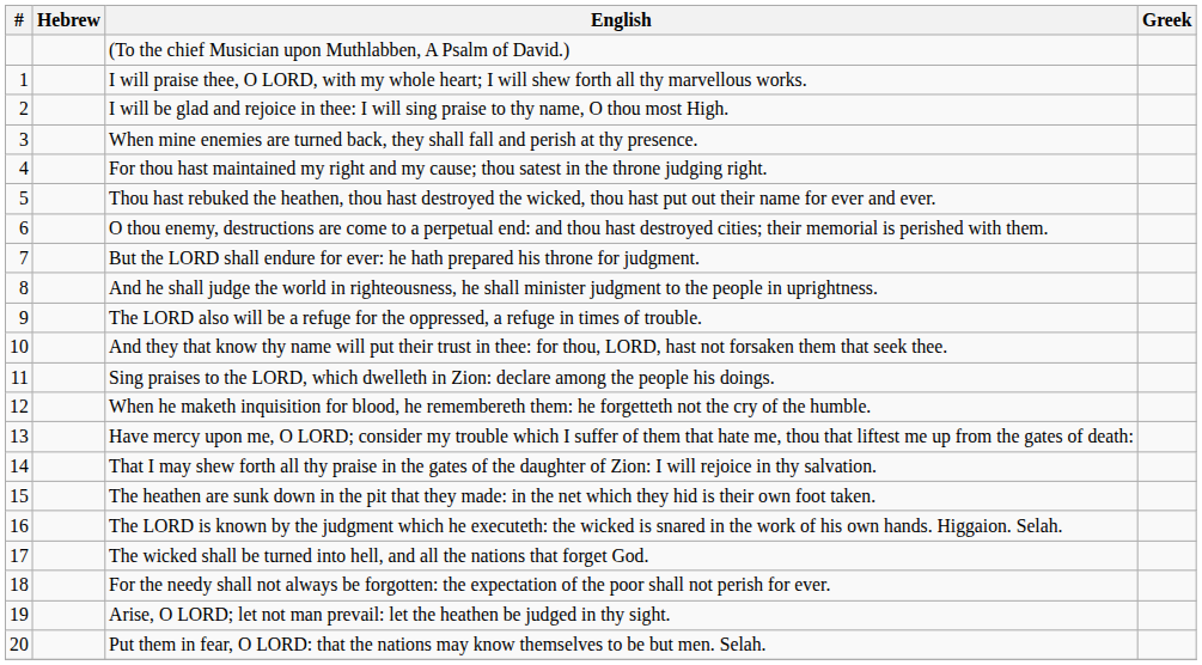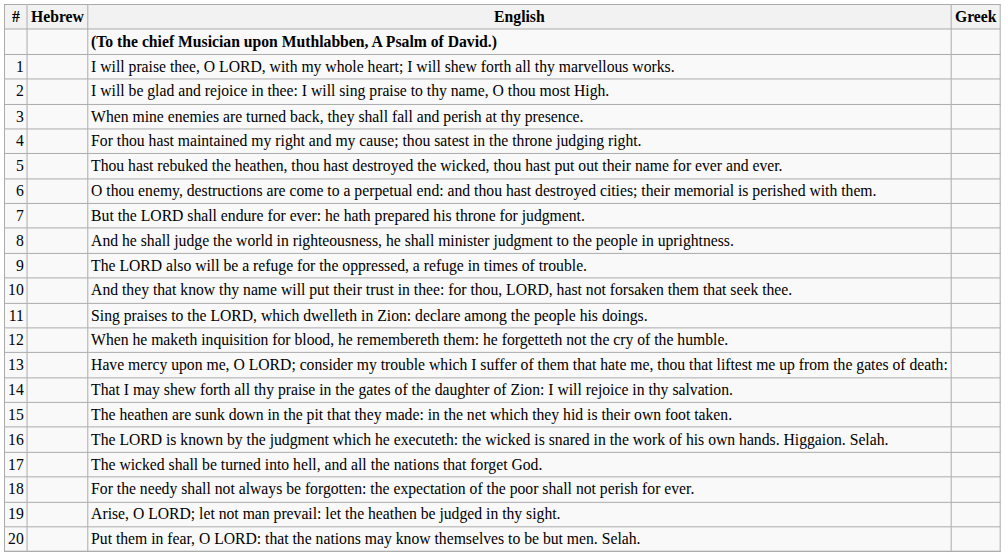 <table class=wikitable>
 <tr>
 <th>#</th>
 <th>Hebrew</th>
 <th>English</th>
 <th>Greek</th>
 </tr>
 <tr>
 <td style="text-align:right"></td>
 <td style="text-align:right"></td>
-<td>(To the chief Musician upon Muthlabben, A Psalm of David.)</td>
+<td><strong>(To the chief Musician upon Muthlabben, A Psalm of David.)</strong></td>
 <td></td>
 </tr>
 <tr>
 <td style="text-align:right">1</td>
 <td style="text-align:right"></td>
 <td>I will praise thee, O LORD, with my whole heart; I will shew forth all thy marvellous works.</td>
 <td></td>
 </tr>
 <tr>
 <td style="text-align:right">2</td>
 <td style="text-align:right"></td>
 <td>I will be glad and rejoice in thee: I will sing praise to thy name, O thou most High.</td>
 <td></td>
 </tr>
 <tr>
 <td style="text-align:right">3</td>
 <td style="text-align:right"></td>
 <td>When mine enemies are turned back, they shall fall and perish at thy presence.</td>
 <td></td>
 </tr>
 <tr>
 <td style="text-align:right">4</td>
 <td style="text-align:right"></td>
 <td>For thou hast maintained my right and my cause; thou satest in the throne judging right.</td>
 <td></td>
 </tr>
 <tr>
 <td style="text-align:right">5</td>
 <td style="text-align:right"></td>
 <td>Thou hast rebuked the heathen, thou hast destroyed the wicked, thou hast put out their name for ever and ever.</td>
 <td></td>
 </tr>
 <tr>
 <td style="text-align:right">6</td>
 <td style="text-align:right"></td>
 <td>O thou enemy, destructions are come to a perpetual end: and thou hast destroyed cities; their memorial is perished with them.</td>
 <td></td>
 </tr>
 <tr>
 <td style="text-align:right">7</td>
 <td style="text-align:right"></td>
 <td>But the LORD shall endure for ever: he hath prepared his throne for judgment.</td>
 <td></td>
 </tr>
 <tr>
 <td style="text-align:right">8</td>
 <td style="text-align:right"></td>
 <td>And he shall judge the world in righteousness, he shall minister judgment to the people in uprightness.</td>
 <td></td>
 </tr>
 <tr>
 <td style="text-align:right">9</td>
 <td style="text-align:right"></td>
 <td>The LORD also will be a refuge for the oppressed, a refuge in times of trouble.</td>
 <td></td>
 </tr>
 <tr>
 <td style="text-align:right">10</td>
 <td style="text-align:right"></td>
 <td>And they that know thy name will put their trust in thee: for thou, LORD, hast not forsaken them that seek thee.</td>
 <td></td>
 </tr>
 <tr>
 <td style="text-align:right">11</td>
 <td style="text-align:right"></td>
 <td>Sing praises to the LORD, which dwelleth in Zion: declare among the people his doings.</td>
 <td></td>
 </tr>
 <tr>
 <td style="text-align:right">12</td>
 <td style="text-align:right"></td>
 <td>When he maketh inquisition for blood, he remembereth them: he forgetteth not the cry of the humble.</td>
 <td></td>
 </tr>
 <tr>
 <td style="text-align:right">13</td>
 <td style="text-align:right"></td>
 <td>Have mercy upon me, O LORD; consider my trouble which I suffer of them that hate me, thou that liftest me up from the gates of death:</td>
 <td></td>
 </tr>
 <tr>
 <td style="text-align:right">14</td>
 <td style="text-align:right"></td>
 <td>That I may shew forth all thy praise in the gates of the daughter of Zion: I will rejoice in thy salvation.</td>
 <td></td>
 </tr>
 <tr>
 <td style="text-align:right">15</td>
 <td style="text-align:right"></td>
 <td>The heathen are sunk down in the pit that they made: in the net which they hid is their own foot taken.</td>
 <td></td>
 </tr>
 <tr>
 <td style="text-align:right">16</td>
 <td style="text-align:right"></td>
 <td>The LORD is known by the judgment which he executeth: the wicked is snared in the work of his own hands. Higgaion. Selah.</td>
 <td></td>
 </tr>
 <tr>
 <td style="text-align:right">17</td>
 <td style="text-align:right"></td>
 <td>The wicked shall be turned into hell, and all the nations that forget God.</td>
 <td></td>
 </tr>
 <tr>
 <td style="text-align:right">18</td>
 <td style="text-align:right"></td>
 <td>For the needy shall not always be forgotten: the expectation of the poor shall not perish for ever.</td>
 <td></td>
 </tr>
 <tr>
 <td style="text-align:right">19</td>
 <td style="text-align:right"></td>
 <td>Arise, O LORD; let not man prevail: let the heathen be judged in thy sight.</td>
 <td></td>
 </tr>
 <tr>
 <td style="text-align:right">20</td>
 <td style="text-align:right"></td>
 <td>Put them in fear, O LORD: that the nations may know themselves to be but men. Selah.</td>
 <td></td>
 </tr>
 <tr>
 </tr>
 </table>
